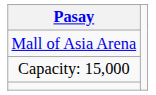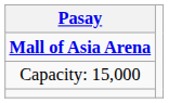 <table class="wikitable" style="text-align:center; margin:1em auto;">
 <tr>
 <th><a href='#'>Pasay</a></th>
 <td rowspan=4></td>
 </tr>
 <tr>
-<td><a href='#'>Mall of Asia Arena</a></td>
+<td><strong><a href='#'>Mall of Asia Arena</a></strong></td>
 </tr>
 <tr>
 <td>Capacity: 15,000</td>
 </tr>
 <tr>
 <td></td>
 </tr>
 </table>
